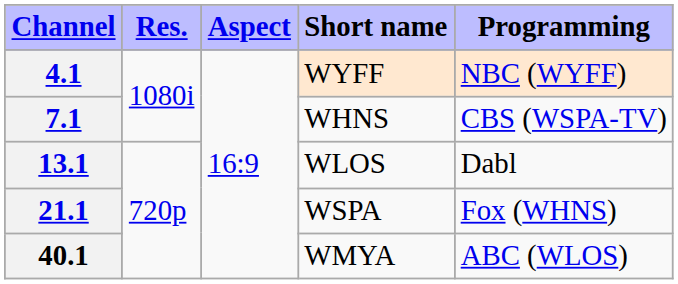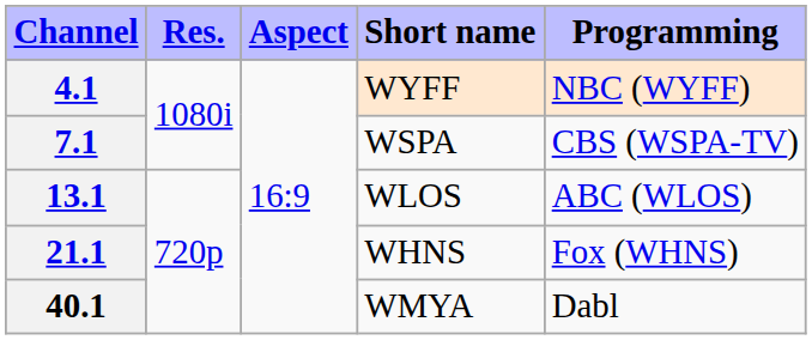 <table class="wikitable">
 <tr>
 <th style="background-color: #bdbdff" scope = "col"><a href='#'>Channel</a></th>
 <th style="background-color: #bdbdff" scope = "col"><a href='#'>Res.</a></th>
 <th style="background-color: #bdbdff" scope = "col"><a href='#'>Aspect</a></th>
 <th style="background-color: #bdbdff" scope = "col">Short name</th>
 <th style="background-color: #bdbdff" scope = "col">Programming</th>
 </tr>
 <tr>
 <th scope = "row"><a href='#'>4.1</a></th>
 <td rowspan=2><a href='#'>1080i</a></td>
 <td rowspan=5><a href='#'>16:9</a></td>
 <td style="background-color:#ffe8d0">WYFF</td>
 <td style="background-color:#ffe8d0"><a href='#'>NBC</a> (<a href='#'>WYFF</a>) </td>
 </tr>
 <tr>
 <th scope = "row"><a href='#'>7.1</a></th>
-<td>WHNS</td>
+<td>WSPA</td>
 <td><a href='#'>CBS</a> (<a href='#'>WSPA-TV</a>)</td>
 </tr>
 <tr>
 <th scope = "row"><a href='#'>13.1</a></th>
 <td rowspan=3><a href='#'>720p</a></td>
 <td>WLOS</td>
-<td>Dabl</td>
+<td><a href='#'>ABC</a> (<a href='#'>WLOS</a>)</td>
 </tr>
 <tr>
 <th scope = "row"><a href='#'>21.1</a></th>
-<td>WSPA</td>
+<td>WHNS</td>
 <td><a href='#'>Fox</a> (<a href='#'>WHNS</a>)</td>
 </tr>
 <tr>
 <th scope = "row">40.1</th>
 <td>WMYA</td>
-<td><a href='#'>ABC</a> (<a href='#'>WLOS</a>)</td>
+<td>Dabl</td>
 </tr>
 </table>
